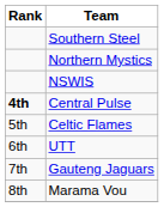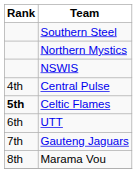 <table class="wikitable collapsible">
 <tr>
 <th style="background:white;">Rank</th>
 <th style="background:white;">Team</th>
 </tr>
 <tr>
 <td></td>
 <td> <a href='#'>Southern Steel</a></td>
 </tr>
 <tr>
 <td></td>
 <td> <a href='#'>Northern Mystics</a></td>
 </tr>
 <tr>
 <td></td>
 <td> <a href='#'>NSWIS</a></td>
 </tr>
 <tr>
-<td><strong>4th</strong></td>
+<td>4th</td>
 <td> <a href='#'>Central Pulse</a></td>
 </tr>
 <tr>
-<td>5th</td>
+<td><strong>5th</strong></td>
 <td> <a href='#'>Celtic Flames</a></td>
 </tr>
 <tr>
 <td>6th</td>
 <td> <a href='#'>UTT</a></td>
 </tr>
 <tr>
 <td>7th</td>
 <td> <a href='#'>Gauteng Jaguars</a></td>
 </tr>
 <tr>
 <td>8th</td>
 <td> Marama Vou</td>
 </tr>
 <tr>
 </tr>
 </table>
